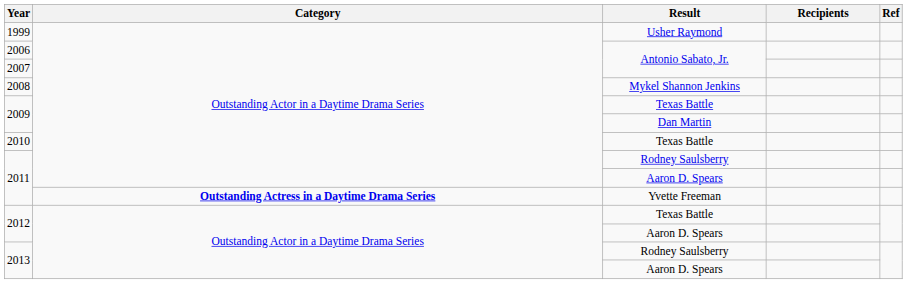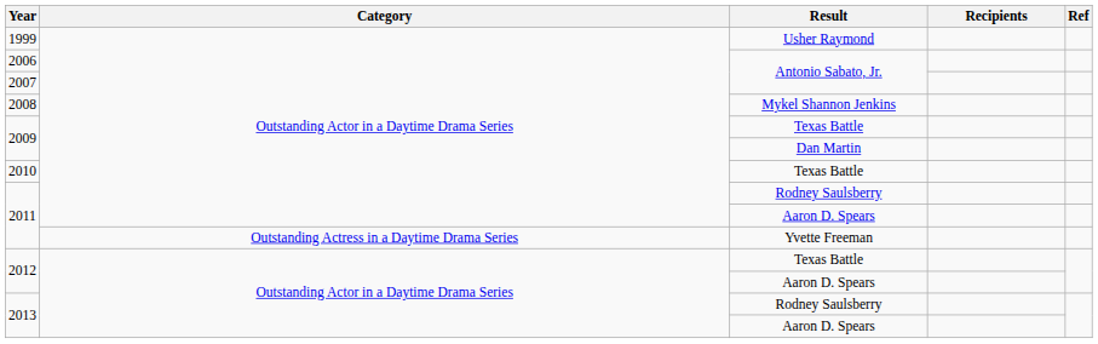 <table class="wikitable" rowspan=2 style="text-align: center;">
 <tr>
 <th scope="col" style="width:1%;">Year</th>
 <th scope="col" style="width:67%;">Category</th>
 <th scope="col" style="width:19%;">Result</th>
 <th scope="col" style="width:18%;">Recipients</th>
 <th>Ref</th>
 </tr>
 <tr>
 <td>1999</td>
 <td rowspan="9"><a href='#'>Outstanding Actor in a Daytime Drama Series</a></td>
 <td><a href='#'>Usher Raymond</a></td>
 <td></td>
 <td></td>
 </tr>
 <tr>
 <td>2006</td>
 <td rowspan="2"><a href='#'>Antonio Sabato, Jr.</a></td>
 <td></td>
 <td></td>
 </tr>
 <tr>
 <td>2007</td>
 <td></td>
 <td></td>
 </tr>
 <tr>
 <td>2008</td>
 <td><a href='#'>Mykel Shannon Jenkins</a></td>
 <td></td>
 <td></td>
 </tr>
 <tr>
 <td rowspan="2">2009</td>
 <td><a href='#'>Texas Battle</a></td>
 <td></td>
 <td></td>
 </tr>
 <tr>
 <td><a href='#'>Dan Martin</a></td>
 <td></td>
 <td></td>
 </tr>
 <tr>
 <td>2010</td>
 <td>Texas Battle</td>
 <td></td>
 <td></td>
 </tr>
 <tr>
 <td rowspan="3">2011</td>
 <td><a href='#'>Rodney Saulsberry</a></td>
 <td></td>
 <td></td>
 </tr>
 <tr>
 <td><a href='#'>Aaron D. Spears</a></td>
 <td></td>
 <td></td>
 </tr>
 <tr>
-<td><strong><a href='#'>Outstanding Actress in a Daytime Drama Series</a></strong></td>
+<td><a href='#'>Outstanding Actress in a Daytime Drama Series</a></td>
 <td>Yvette Freeman</td>
 <td></td>
 <td></td>
 </tr>
 <tr>
 <td rowspan="2">2012</td>
 <td rowspan="4"><a href='#'>Outstanding Actor in a Daytime Drama Series</a></td>
 <td>Texas Battle</td>
 <td></td>
 <td rowspan="2"></td>
 </tr>
 <tr>
 <td>Aaron D. Spears</td>
 <td></td>
 </tr>
 <tr>
 <td rowspan="2">2013</td>
 <td>Rodney Saulsberry</td>
 <td></td>
 <td rowspan="2"></td>
 </tr>
 <tr>
 <td>Aaron D. Spears</td>
 <td></td>
 </tr>
 </table>
